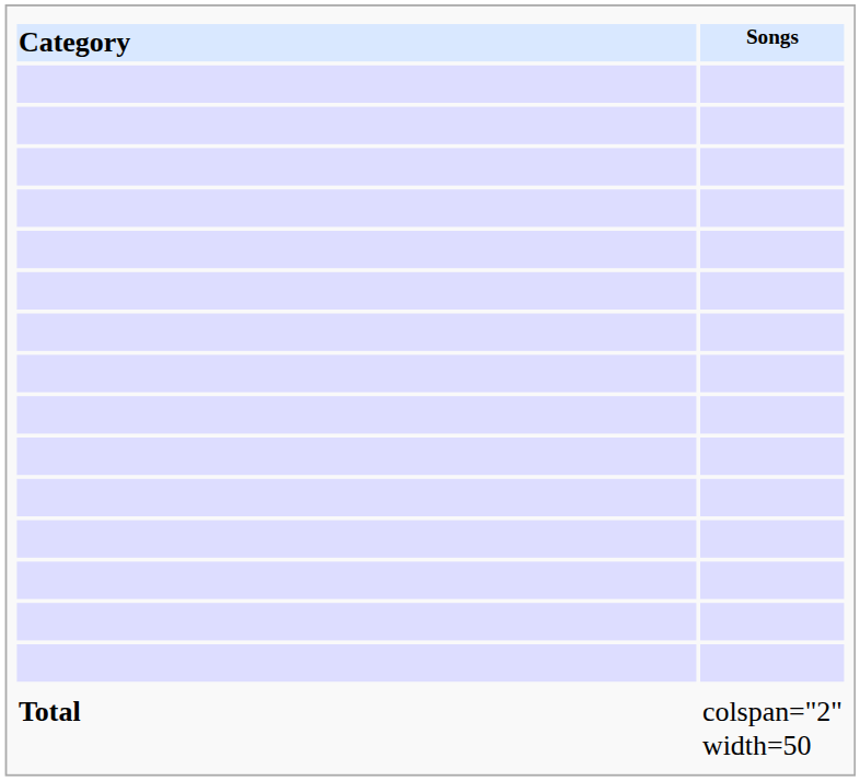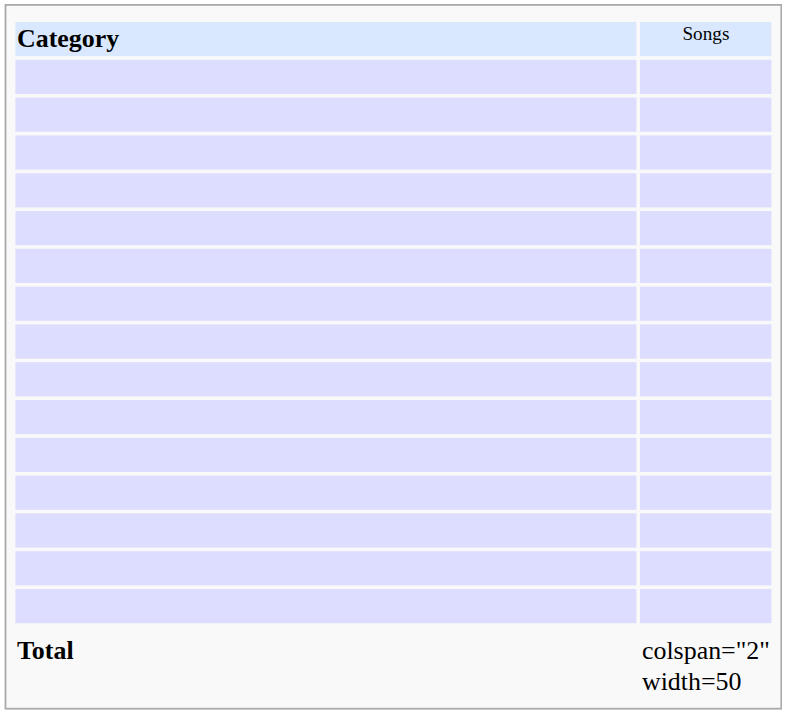 <table class="infobox" style="width: 30em; text-align: left; font-size: 90%; vertical-align: middle;">
 <tr>
 <td colspan="2" style="text-align:center;"></td>
 </tr>
 <tr style="background:#d9e8ff;">
 <th style="vertical-align: middle;">Category</th>
-<td style="background;text-align:center; font-size:8pt; width:60px;"><strong>Songs</strong></td>
+<td style="background;text-align:center; font-size:8pt; width:60px;">Songs</td>
 </tr>
 <tr style="background:#ddf;text-align:center;">
 <td style="text-align:center;"><br></td>
 <td></td>
 </tr>
 <tr style="background:#ddf;">
 <td style="text-align:center;"><br></td>
 <td></td>
 </tr>
 <tr style="background:#ddf;text-align:center;">
 <td style="text-align:center;"><br></td>
 <td></td>
 </tr>
 <tr style="background:#ddf;text-align:center;">
 <td style="text-align:center;"><br></td>
 <td></td>
 </tr>
 <tr style="background:#ddf;text-align:center;">
 <td style="text-align:center;"><br></td>
 <td></td>
 </tr>
 <tr style="background:#ddf;text-align:center;">
 <td style="text-align:center;"><br></td>
 <td></td>
 </tr>
 <tr style="background:#ddf;text-align:center;">
 <td style="text-align:center;"><br></td>
 <td></td>
 </tr>
 <tr style="background:#ddf;text-align:center;">
 <td style="text-align:center;"><br></td>
 <td></td>
 </tr>
 <tr style="background:#ddf;text-align:center;">
 <td style="text-align:center;"><br></td>
 <td></td>
 </tr>
 <tr style="background:#ddf;text-align:center;">
 <td style="text-align:center;"><br></td>
 <td></td>
 </tr>
 <tr style="background:#ddf;text-align:center;">
 <td style="text-align:center;"><br></td>
 <td></td>
 </tr>
 <tr style="background:#ddf;text-align:center;">
 <td style="text-align:center;"><br></td>
 <td></td>
 </tr>
 <tr style="background:#ddf;text-align:center;">
 <td style="text-align:center;"><br></td>
 <td></td>
 </tr>
 <tr style="background:#ddf;text-align:center;">
 <td style="text-align:center;"><br></td>
 <td></td>
 </tr>
 <tr style="background:#ddf;text-align:center;">
 <td style="text-align:center;"><br></td>
 <td></td>
 </tr>
 <tr>
 <td colspan="2" style="text-align:center;"></td>
 </tr>
 <tr>
 <td><strong>Total</strong></td>
 <td>colspan="2" width=50 </td>
 </tr>
 </table>
